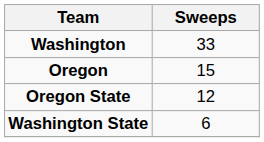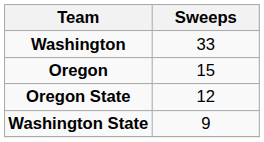 <table class="wikitable sortable" style="font-size: 100%;text-align: center;">
 <tr>
 <th>Team</th>
 <th>Sweeps</th>
 </tr>
 <tr>
 <td><strong>Washington</strong></td>
 <td style="width:6em">33</td>
 </tr>
 <tr>
 <td><strong>Oregon</strong></td>
 <td>15</td>
 </tr>
 <tr>
 <td><strong>Oregon State</strong></td>
 <td>12</td>
 </tr>
 <tr>
 <td><strong>Washington State</strong></td>
-<td>6</td>
+<td>9</td>
 </tr>
 <tr>
 </tr>
 </table>
